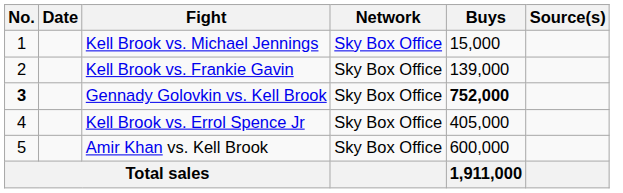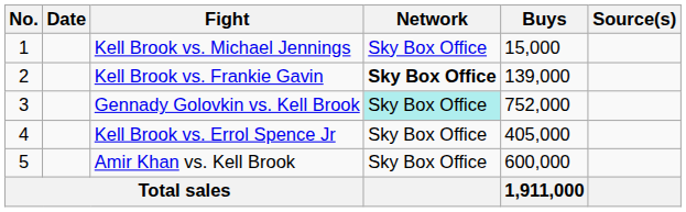 <table class="wikitable sortable">
 <tr>
 <th>No.</th>
 <th>Date</th>
 <th>Fight</th>
 <th>Network</th>
 <th>Buys</th>
 <th class="unsortable">Source(s)</th>
 </tr>
 <tr>
 <td align=center>1</td>
 <td></td>
 <td><a href='#'>Kell Brook vs. Michael Jennings</a></td>
 <td><a href='#'>Sky Box Office</a></td>
 <td>15,000</td>
 <td></td>
 </tr>
 <tr>
 <td align=center>2</td>
 <td></td>
 <td><a href='#'>Kell Brook vs. Frankie Gavin</a></td>
-<td>Sky Box Office</td>
+<td><strong>Sky Box Office</strong></td>
 <td>139,000</td>
 <td></td>
 </tr>
 <tr>
-<td align=center><strong>3</strong></td>
+<td align=center>3</td>
 <td></td>
 <td><a href='#'>Gennady Golovkin vs. Kell Brook</a></td>
-<td>Sky Box Office</td>
-<td><strong>752,000</strong></td>
+<td style="background: paleturquoise;">Sky Box Office</td>
+<td>752,000</td>
 <td></td>
 </tr>
 <tr>
 <td align=center>4</td>
 <td></td>
 <td><a href='#'>Kell Brook vs. Errol Spence Jr</a></td>
 <td>Sky Box Office</td>
 <td>405,000</td>
 <td></td>
 </tr>
 <tr>
 <td align=center>5</td>
 <td></td>
 <td><a href='#'>Amir Khan</a> vs. Kell Brook</td>
 <td>Sky Box Office</td>
 <td>600,000</td>
 <td></td>
 </tr>
 <tr>
 <th colspan="3">Total sales</th>
 <th></th>
 <th>1,911,000</th>
 <th></th>
 </tr>
 </table>
